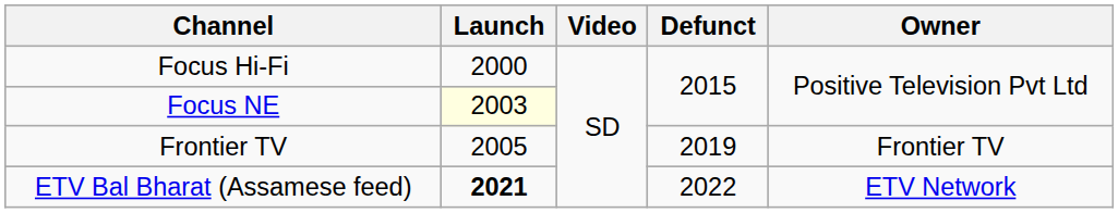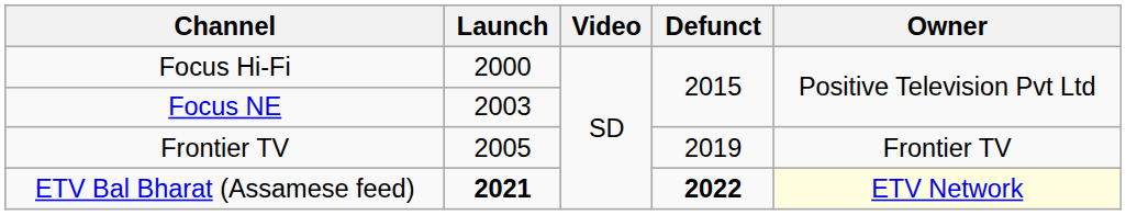 <table class="wikitable sortable" style="border-collapse:collapse; font-size: 90%; text-align:center" width="100%">
 <tr>
 <th>Channel</th>
 <th>Launch</th>
 <th>Video</th>
 <th>Defunct</th>
 <th>Owner</th>
 </tr>
 <tr>
 <td>Focus Hi-Fi</td>
 <td>2000</td>
 <td rowspan="5">SD</td>
 <td rowspan="2">2015</td>
 <td rowspan="2">Positive Television Pvt Ltd</td>
 </tr>
 <tr>
 <td><a href='#'>Focus NE</a></td>
-<td style="background: lightyellow;">2003</td>
+<td>2003</td>
 </tr>
 <tr>
 <td>Frontier TV</td>
 <td>2005</td>
 <td>2019</td>
 <td>Frontier TV</td>
 </tr>
 <tr>
 <td><a href='#'>ETV Bal Bharat</a> (Assamese feed)</td>
 <td><strong>2021</strong></td>
-<td>2022</td>
-<td><a href='#'>ETV Network</a></td>
+<td><strong>2022</strong></td>
+<td style="background: lightyellow;"><a href='#'>ETV Network</a></td>
 </tr>
 </table>
